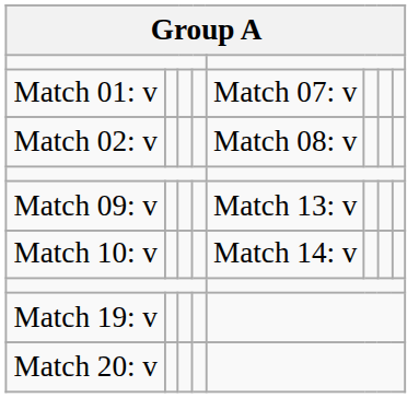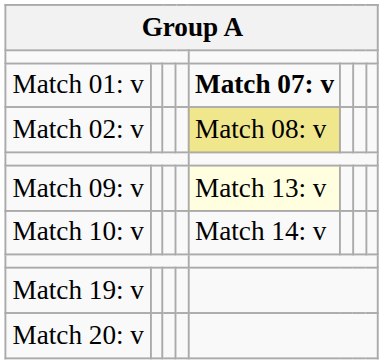 <table class="wikitable" style="text-align: left; font-size: 90%; margin-left: 1em;">
 <tr>
 <th colspan="12">Group A</th>
 </tr>
 <tr>
 <td colspan="4" style="text-align: center;"></td>
 <td colspan="4" style="text-align: center;"></td>
 </tr>
 <tr>
 <td>Match 01:  v </td>
 <td></td>
 <td></td>
 <td></td>
-<td>Match 07:  v </td>
+<td><strong>Match 07:  v </strong></td>
 <td></td>
 <td></td>
 <td></td>
 </tr>
 <tr>
 <td>Match 02:  v </td>
 <td></td>
 <td></td>
 <td></td>
-<td>Match 08:  v </td>
+<td style="background: khaki;">Match 08:  v </td>
 <td></td>
 <td></td>
 <td></td>
 </tr>
 <tr>
 <td colspan="4" style="text-align: center;"></td>
 <td colspan="4" style="text-align: center;"></td>
 </tr>
 <tr>
 <td>Match 09:  v </td>
 <td></td>
 <td></td>
 <td></td>
-<td>Match 13:  v </td>
+<td style="background: lightyellow;">Match 13:  v </td>
 <td></td>
 <td></td>
 <td></td>
 </tr>
 <tr>
 <td>Match 10:  v </td>
 <td></td>
 <td></td>
 <td></td>
 <td>Match 14:  v </td>
 <td></td>
 <td></td>
 <td></td>
 </tr>
 <tr>
 <td colspan="4" style="text-align: center;"></td>
 <td colspan="4"></td>
 </tr>
 <tr>
 <td>Match 19:  v </td>
 <td></td>
 <td></td>
 <td></td>
 <td colspan="4"></td>
 </tr>
 <tr>
 <td>Match 20:  v </td>
 <td></td>
 <td></td>
 <td></td>
 <td colspan="4"></td>
 </tr>
 </table>
